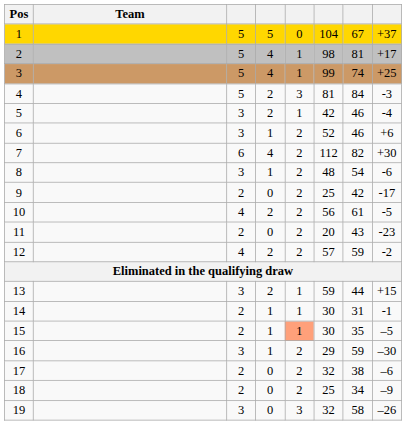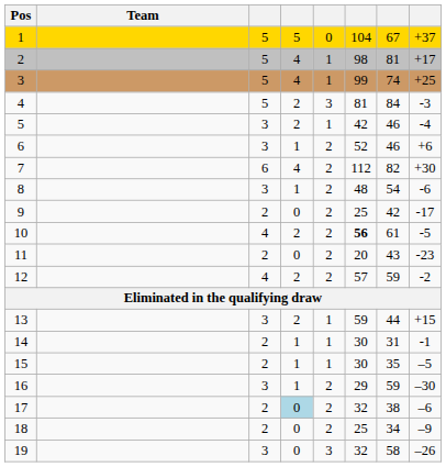 <table class="wikitable" style="text-align:center">
 <tr>
 <th width=30>Pos</th>
 <th ! width=240>Team</th>
 <th ! width=30></th>
 <th ! width=30></th>
 <th ! width=30></th>
 <th ! width=30></th>
 <th ! width=30></th>
 <th ! width=30></th>
 </tr>
 <tr bgcolor=gold>
 <td>1</td>
 <td align=left></td>
 <td>5</td>
 <td>5</td>
 <td>0</td>
 <td>104</td>
 <td>67</td>
 <td>+37</td>
 </tr>
 <tr bgcolor=silver>
 <td>2</td>
 <td align=left></td>
 <td>5</td>
 <td>4</td>
 <td>1</td>
 <td>98</td>
 <td>81</td>
 <td>+17</td>
 </tr>
 <tr bgcolor=cc9966>
 <td>3</td>
 <td align=left></td>
 <td>5</td>
 <td>4</td>
 <td>1</td>
 <td>99</td>
 <td>74</td>
 <td>+25</td>
 </tr>
 <tr>
 <td>4</td>
 <td align=left></td>
 <td>5</td>
 <td>2</td>
 <td>3</td>
 <td>81</td>
 <td>84</td>
 <td>-3</td>
 </tr>
 <tr>
 <td>5</td>
 <td align=left></td>
 <td>3</td>
 <td>2</td>
 <td>1</td>
 <td>42</td>
 <td>46</td>
 <td>-4</td>
 </tr>
 <tr>
 <td>6</td>
 <td align=left></td>
 <td>3</td>
 <td>1</td>
 <td>2</td>
 <td>52</td>
 <td>46</td>
 <td>+6</td>
 </tr>
 <tr>
 <td>7</td>
 <td align=left></td>
 <td>6</td>
 <td>4</td>
 <td>2</td>
 <td>112</td>
 <td>82</td>
 <td>+30</td>
 </tr>
 <tr>
 <td>8</td>
 <td align=left></td>
 <td>3</td>
 <td>1</td>
 <td>2</td>
 <td>48</td>
 <td>54</td>
 <td>-6</td>
 </tr>
 <tr>
 <td>9</td>
 <td align=left></td>
 <td>2</td>
 <td>0</td>
 <td>2</td>
 <td>25</td>
 <td>42</td>
 <td>-17</td>
 </tr>
 <tr>
 <td>10</td>
 <td align=left></td>
 <td>4</td>
 <td>2</td>
 <td>2</td>
-<td>56</td>
+<td><strong>56</strong></td>
 <td>61</td>
 <td>-5</td>
 </tr>
 <tr>
 <td>11</td>
 <td align=left></td>
 <td>2</td>
 <td>0</td>
 <td>2</td>
 <td>20</td>
 <td>43</td>
 <td>-23</td>
 </tr>
 <tr>
 <td>12</td>
 <td align=left></td>
 <td>4</td>
 <td>2</td>
 <td>2</td>
 <td>57</td>
 <td>59</td>
 <td>-2</td>
 </tr>
 <tr>
 <th colspan=8><strong>Eliminated in the qualifying draw</strong></th>
 </tr>
 <tr>
 <td>13</td>
 <td align=left></td>
 <td>3</td>
 <td>2</td>
 <td>1</td>
 <td>59</td>
 <td>44</td>
 <td>+15</td>
 </tr>
 <tr>
 <td>14</td>
 <td align=left></td>
 <td>2</td>
 <td>1</td>
 <td>1</td>
 <td>30</td>
 <td>31</td>
 <td>-1</td>
 </tr>
 <tr>
 <td>15</td>
 <td align=left></td>
 <td>2</td>
 <td>1</td>
-<td style="background: lightsalmon;">1</td>
+<td>1</td>
 <td>30</td>
 <td>35</td>
 <td>–5</td>
 </tr>
 <tr>
 <td>16</td>
 <td align=left></td>
 <td>3</td>
 <td>1</td>
 <td>2</td>
 <td>29</td>
 <td>59</td>
 <td>–30</td>
 </tr>
 <tr>
 <td>17</td>
 <td align=left></td>
 <td>2</td>
-<td>0</td>
+<td style="background: lightblue;">0</td>
 <td>2</td>
 <td>32</td>
 <td>38</td>
 <td>–6</td>
 </tr>
 <tr>
 <td>18</td>
 <td align=left></td>
 <td>2</td>
 <td>0</td>
 <td>2</td>
 <td>25</td>
 <td>34</td>
 <td>–9</td>
 </tr>
 <tr>
 <td>19</td>
 <td align=left></td>
 <td>3</td>
 <td>0</td>
 <td>3</td>
 <td>32</td>
 <td>58</td>
 <td>–26</td>
 </tr>
 </table>
